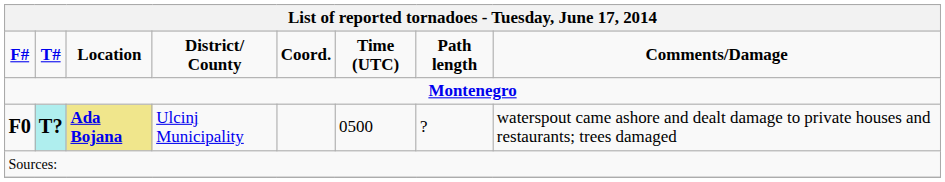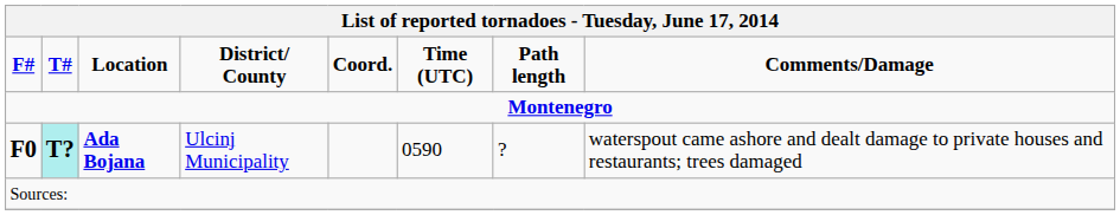 <table class="wikitable collapsible" width="100%">
 <tr>
 <th colspan="8">List of reported tornadoes - Tuesday, June 17, 2014</th>
 </tr>
 <tr>
 <td style="text-align: center;"><strong><a href='#'>F#</a></strong></td>
 <td style="text-align: center;"><strong><a href='#'>T#</a></strong></td>
 <td style="text-align: center;"><strong>Location</strong></td>
 <td style="text-align: center;"><strong>District/<br>County</strong></td>
 <td style="text-align: center;"><strong>Coord.</strong></td>
 <td style="text-align: center;"><strong>Time (UTC)</strong></td>
 <td style="text-align: center;"><strong>Path length</strong></td>
 <td style="text-align: center;"><strong>Comments/Damage</strong></td>
 </tr>
 <tr>
 <td colspan="8" align=center><strong><a href='#'>Montenegro</a></strong></td>
 </tr>
 <tr>
 <td><big><strong>F0</strong></big></td>
 <td style="background: paleturquoise;"><big><strong>T?</strong></big></td>
-<td style="background: khaki;"><strong><a href='#'>Ada Bojana</a></strong></td>
+<td><strong><a href='#'>Ada Bojana</a></strong></td>
 <td><a href='#'>Ulcinj Municipality</a></td>
 <td></td>
-<td>0500</td>
+<td>0590</td>
 <td>?</td>
 <td>waterspout came ashore and dealt damage to private houses and restaurants; trees damaged</td>
 </tr>
 <tr>
 <td colspan="8"><small>Sources:</small></td>
 </tr>
 <tr>
 </tr>
 </table>
